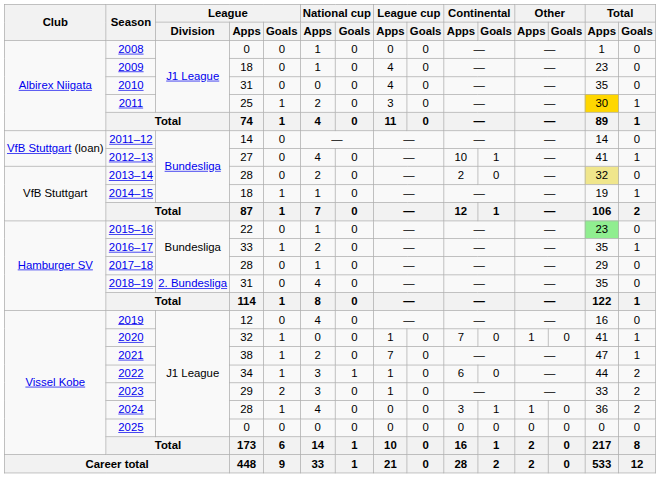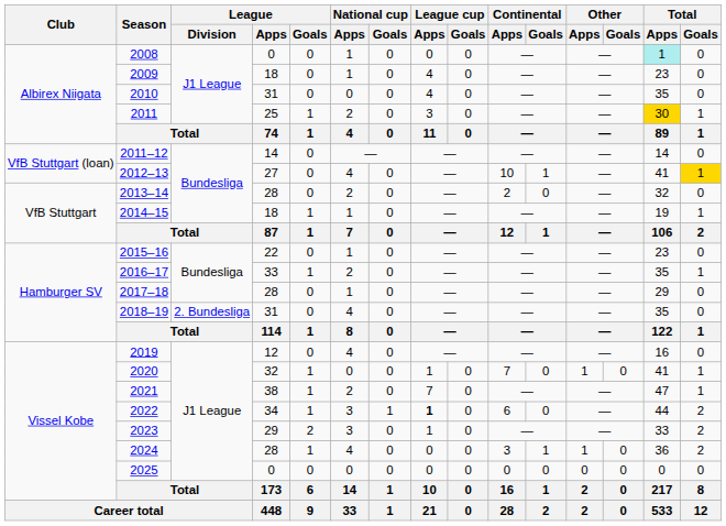 <table class="wikitable" style="text-align:center">
 <tr>
 <th rowspan="2">Club</th>
 <th rowspan="2">Season</th>
 <th colspan="3">League</th>
 <th colspan="2">National cup</th>
 <th colspan="2">League cup</th>
 <th colspan="2">Continental</th>
 <th colspan="2">Other</th>
 <th colspan="2">Total</th>
 </tr>
 <tr>
 <th>Division</th>
 <th>Apps</th>
 <th>Goals</th>
 <th>Apps</th>
 <th>Goals</th>
 <th>Apps</th>
 <th>Goals</th>
 <th>Apps</th>
 <th>Goals</th>
 <th>Apps</th>
 <th>Goals</th>
 <th>Apps</th>
 <th>Goals</th>
 </tr>
 <tr>
 <td rowspan="5"><a href='#'>Albirex Niigata</a></td>
 <td><a href='#'>2008</a></td>
 <td rowspan="4"><a href='#'>J1 League</a></td>
 <td>0</td>
 <td>0</td>
 <td>1</td>
 <td>0</td>
 <td>0</td>
 <td>0</td>
 <td colspan="2">—</td>
 <td colspan="2">—</td>
-<td>1</td>
+<td style="background: paleturquoise;">1</td>
 <td>0</td>
 </tr>
 <tr>
 <td><a href='#'>2009</a></td>
 <td>18</td>
 <td>0</td>
 <td>1</td>
 <td>0</td>
 <td>4</td>
 <td>0</td>
 <td colspan="2">—</td>
 <td colspan="2">—</td>
 <td>23</td>
 <td>0</td>
 </tr>
 <tr>
 <td><a href='#'>2010</a></td>
 <td>31</td>
 <td>0</td>
 <td>0</td>
 <td>0</td>
 <td>4</td>
 <td>0</td>
 <td colspan="2">—</td>
 <td colspan="2">—</td>
 <td>35</td>
 <td>0</td>
 </tr>
 <tr>
 <td><a href='#'>2011</a></td>
 <td>25</td>
 <td>1</td>
 <td>2</td>
 <td>0</td>
 <td>3</td>
 <td>0</td>
 <td colspan="2">—</td>
 <td colspan="2">—</td>
 <td style="background: gold;">30</td>
 <td>1</td>
 </tr>
 <tr>
 <th colspan="2">Total</th>
 <th>74</th>
 <th>1</th>
 <th>4</th>
 <th>0</th>
 <th>11</th>
 <th>0</th>
 <th colspan="2">—</th>
 <th colspan="2">—</th>
 <th>89</th>
 <th>1</th>
 </tr>
 <tr>
 <td rowspan="2"><a href='#'>VfB Stuttgart</a> (loan)</td>
 <td><a href='#'>2011–12</a></td>
 <td rowspan="4"><a href='#'>Bundesliga</a></td>
 <td>14</td>
 <td>0</td>
 <td colspan="2">—</td>
 <td colspan="2">—</td>
 <td colspan="2">—</td>
 <td colspan="2">—</td>
 <td>14</td>
 <td>0</td>
 </tr>
 <tr>
 <td><a href='#'>2012–13</a></td>
 <td>27</td>
 <td>0</td>
 <td>4</td>
 <td>0</td>
 <td colspan="2">—</td>
 <td>10</td>
 <td>1</td>
 <td colspan="2">—</td>
 <td>41</td>
-<td>1</td>
+<td style="background: gold;">1</td>
 </tr>
 <tr>
 <td rowspan="3">VfB Stuttgart</td>
 <td><a href='#'>2013–14</a></td>
 <td>28</td>
 <td>0</td>
 <td>2</td>
 <td>0</td>
 <td colspan="2">—</td>
 <td>2</td>
 <td>0</td>
 <td colspan="2">—</td>
-<td style="background: khaki;">32</td>
+<td>32</td>
 <td>0</td>
 </tr>
 <tr>
 <td><a href='#'>2014–15</a></td>
 <td>18</td>
 <td>1</td>
 <td>1</td>
 <td>0</td>
 <td colspan="2">—</td>
 <td colspan="2">—</td>
 <td colspan="2">—</td>
 <td>19</td>
 <td>1</td>
 </tr>
 <tr>
 <th colspan="2">Total</th>
 <th>87</th>
 <th>1</th>
 <th>7</th>
 <th>0</th>
 <th colspan="2">—</th>
 <th>12</th>
 <th>1</th>
 <th colspan="2">—</th>
 <th>106</th>
 <th>2</th>
 </tr>
 <tr>
 <td rowspan="5"><a href='#'>Hamburger SV</a></td>
 <td><a href='#'>2015–16</a></td>
 <td rowspan="3">Bundesliga</td>
 <td>22</td>
 <td>0</td>
 <td>1</td>
 <td>0</td>
 <td colspan="2">—</td>
 <td colspan="2">—</td>
 <td colspan="2">—</td>
-<td style="background: lightgreen;">23</td>
+<td>23</td>
 <td>0</td>
 </tr>
 <tr>
 <td><a href='#'>2016–17</a></td>
 <td>33</td>
 <td>1</td>
 <td>2</td>
 <td>0</td>
 <td colspan="2">—</td>
 <td colspan="2">—</td>
 <td colspan="2">—</td>
 <td>35</td>
 <td>1</td>
 </tr>
 <tr>
 <td><a href='#'>2017–18</a></td>
 <td>28</td>
 <td>0</td>
 <td>1</td>
 <td>0</td>
 <td colspan="2">—</td>
 <td colspan="2">—</td>
 <td colspan="2">—</td>
 <td>29</td>
 <td>0</td>
 </tr>
 <tr>
 <td><a href='#'>2018–19</a></td>
 <td><a href='#'>2. Bundesliga</a></td>
 <td>31</td>
 <td>0</td>
 <td>4</td>
 <td>0</td>
 <td colspan="2">—</td>
 <td colspan="2">—</td>
 <td colspan="2">—</td>
 <td>35</td>
 <td>0</td>
 </tr>
 <tr>
 <th colspan="2">Total</th>
 <th>114</th>
 <th>1</th>
 <th>8</th>
 <th>0</th>
 <th colspan="2">—</th>
 <th colspan="2">—</th>
 <th colspan="2">—</th>
 <th>122</th>
 <th>1</th>
 </tr>
 <tr>
 <td rowspan="8"><a href='#'>Vissel Kobe</a></td>
 <td><a href='#'>2019</a></td>
 <td rowspan="7">J1 League</td>
 <td>12</td>
 <td>0</td>
 <td>4</td>
 <td>0</td>
 <td colspan="2">—</td>
 <td colspan="2">—</td>
 <td colspan="2">—</td>
 <td>16</td>
 <td>0</td>
 </tr>
 <tr>
 <td><a href='#'>2020</a></td>
 <td>32</td>
 <td>1</td>
 <td>0</td>
 <td>0</td>
 <td>1</td>
 <td>0</td>
 <td>7</td>
 <td>0</td>
 <td>1</td>
 <td>0</td>
 <td>41</td>
 <td>1</td>
 </tr>
 <tr>
 <td><a href='#'>2021</a></td>
 <td>38</td>
 <td>1</td>
 <td>2</td>
 <td>0</td>
 <td>7</td>
 <td>0</td>
 <td colspan="2">—</td>
 <td colspan="2">—</td>
 <td>47</td>
 <td>1</td>
 </tr>
 <tr>
 <td><a href='#'>2022</a></td>
 <td>34</td>
 <td>1</td>
 <td>3</td>
 <td>1</td>
-<td>1</td>
+<td><strong>1</strong></td>
 <td>0</td>
 <td>6</td>
 <td>0</td>
 <td colspan="2">—</td>
 <td>44</td>
 <td>2</td>
 </tr>
 <tr>
 <td><a href='#'>2023</a></td>
 <td>29</td>
 <td>2</td>
 <td>3</td>
 <td>0</td>
 <td>1</td>
 <td>0</td>
 <td colspan="2">—</td>
 <td colspan="2">—</td>
 <td>33</td>
 <td>2</td>
 </tr>
 <tr>
 <td><a href='#'>2024</a></td>
 <td>28</td>
 <td>1</td>
 <td>4</td>
 <td>0</td>
 <td>0</td>
 <td>0</td>
 <td>3</td>
 <td>1</td>
 <td>1</td>
 <td>0</td>
 <td>36</td>
 <td>2</td>
 </tr>
 <tr>
 <td><a href='#'>2025</a></td>
 <td>0</td>
 <td>0</td>
 <td>0</td>
 <td>0</td>
 <td>0</td>
 <td>0</td>
 <td>0</td>
 <td>0</td>
 <td>0</td>
 <td>0</td>
 <td>0</td>
 <td>0</td>
 </tr>
 <tr>
 <th colspan="2">Total</th>
 <th>173</th>
 <th>6</th>
 <th>14</th>
 <th>1</th>
 <th>10</th>
 <th>0</th>
 <th>16</th>
 <th>1</th>
 <th>2</th>
 <th>0</th>
 <th>217</th>
 <th>8</th>
 </tr>
 <tr>
 <th colspan="3">Career total</th>
 <th>448</th>
 <th>9</th>
 <th>33</th>
 <th>1</th>
 <th>21</th>
 <th>0</th>
 <th>28</th>
 <th>2</th>
 <th>2</th>
 <th>0</th>
 <th>533</th>
 <th>12</th>
 </tr>
 </table>
